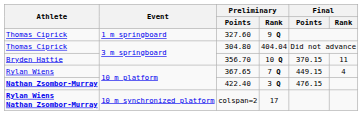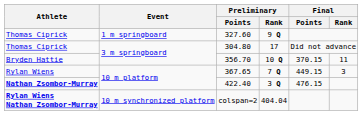 <table class=wikitable style="font-size:90%">
 <tr>
 <th rowspan=2>Athlete</th>
 <th rowspan=2>Event</th>
 <th colspan=2>Preliminary</th>
 <th colspan=2>Final</th>
 </tr>
 <tr>
 <th>Points</th>
 <th>Rank</th>
 <th>Points</th>
 <th>Rank</th>
 </tr>
 <tr align=center>
 <td align=left><a href='#'>Thomas Ciprick</a></td>
 <td align=left><a href='#'>1 m springboard</a></td>
 <td>327.60</td>
 <td>9 <strong>Q</strong></td>
 <td colspan=2></td>
 </tr>
 <tr align=center>
 <td align=left><a href='#'>Thomas Ciprick</a></td>
 <td rowspan=2 align=left><a href='#'>3 m springboard</a></td>
 <td>304.80</td>
-<td>404.04</td>
+<td>17</td>
 <td colspan=2>Did not advance</td>
 </tr>
 <tr align=center>
 <td align=left><a href='#'>Bryden Hattie</a></td>
 <td>356.70</td>
 <td>10 <strong>Q</strong></td>
 <td>370.15</td>
 <td>11</td>
 </tr>
 <tr align=center>
 <td align=left><a href='#'>Rylan Wiens</a></td>
 <td rowspan=2 align=left><a href='#'>10 m platform</a></td>
 <td>367.65</td>
 <td>7 <strong>Q</strong></td>
 <td>449.15</td>
-<td>4</td>
+<td>3</td>
 </tr>
 <tr align=center>
 <td align=left><strong><a href='#'>Nathan Zsombor-Murray</a></strong></td>
 <td>422.40</td>
 <td>3 <strong>Q</strong></td>
 <td>476.15</td>
 <td></td>
 </tr>
 <tr align=center>
 <td align=left><strong><a href='#'>Rylan Wiens</a><br><a href='#'>Nathan Zsombor-Murray</a></strong></td>
 <td align=left><a href='#'>10 m synchronized platform</a></td>
 <td>colspan=2 </td>
-<td>17</td>
+<td>404.04</td>
 <td></td>
 </tr>
 </table>
